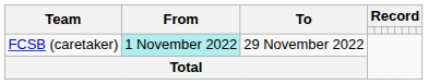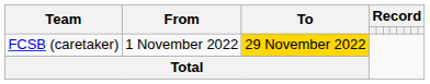 <table class=wikitable style="text-align: center">
 <tr>
 <th rowspan=2>Team</th>
 <th rowspan=2>From</th>
 <th rowspan=2>To</th>
 <th colspan=8>Record</th>
 </tr>
 <tr>
 <th></th>
 <th></th>
 <th></th>
 <th></th>
 <th></th>
 <th></th>
 <th></th>
 <th></th>
 </tr>
 <tr>
 <td align=left> <a href='#'>FCSB</a> (caretaker)</td>
-<td align=left style="background: paleturquoise;">1 November 2022</td>
-<td align=left>29 November 2022<br></td>
+<td align=left>1 November 2022</td>
+<td align=left style="background: gold;">29 November 2022<br></td>
 </tr>
 <tr>
 <th colspan=3>Total<br></th>
 </tr>
 </table>
